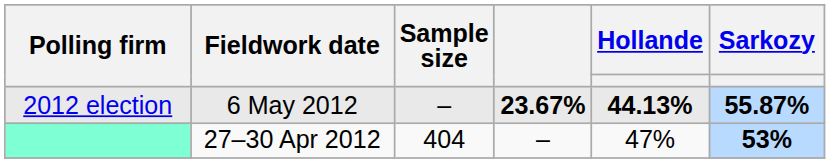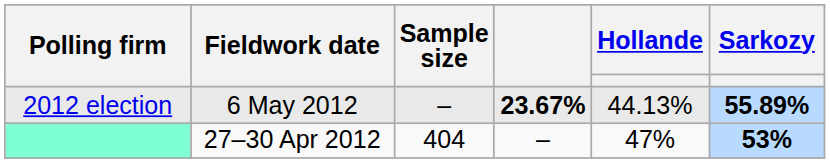 <table class="wikitable sortable" style="text-align:center;font-size:90%;line-height:14px;">
 <tr style="height:40px;">
 <th style="width:100px;" rowspan="2">Polling firm</th>
 <th style="width:110px;" rowspan="2">Fieldwork date</th>
 <th style="width:35px;" rowspan="2">Sample<br>size</th>
 <th style="width:30px;" rowspan="2"></th>
 <th class="unsortable" style="width:60px;"><a href='#'>Hollande</a><br></th>
 <th class="unsortable" style="width:60px;"><a href='#'>Sarkozy</a><br></th>
 </tr>
 <tr>
 <th style="background:"></th>
 <th style="background:"></th>
 </tr>
 <tr style="background:#E9E9E9;">
 <td><a href='#'>2012 election</a></td>
 <td data-sort-value="2012-05-06">6 May 2012</td>
 <td>–</td>
 <td><strong>23.67%</strong></td>
-<td><strong>44.13%</strong></td>
-<td style="background:#B9DAFF;"><strong>55.87%</strong></td>
+<td>44.13%</td>
+<td style="background:#B9DAFF;"><strong>55.89%</strong></td>
 </tr>
 <tr>
 <td style="background:aquamarine;"></td>
 <td data-sort-value="2012-04-30">27–30 Apr 2012</td>
 <td>404</td>
 <td>–</td>
 <td>47%</td>
 <td style="background:#B9DAFF;"><strong>53%</strong></td>
 </tr>
 </table>
